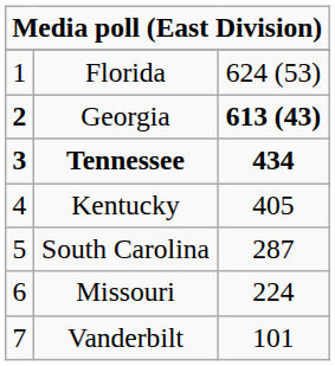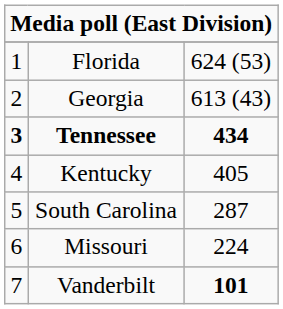 <table class="wikitable" style="display: inline-table;">
 <tr>
 <td align="center" Colspan="3"><strong>Media poll (East Division)</strong></td>
 </tr>
 <tr align="center">
 </tr>
 <tr align="center">
 <td>1</td>
 <td>Florida</td>
 <td>624 (53)</td>
 </tr>
 <tr align="center">
-<td><strong>2</strong></td>
+<td>2</td>
 <td>Georgia</td>
-<td><strong>613 (43)</strong></td>
+<td>613 (43)</td>
 </tr>
 <tr align="center">
 <td><strong>3</strong></td>
 <td><strong>Tennessee</strong></td>
 <td><strong>434</strong></td>
 </tr>
 <tr align="center">
 <td>4</td>
 <td>Kentucky</td>
 <td>405</td>
 </tr>
 <tr align="center">
 <td>5</td>
 <td>South Carolina</td>
 <td>287</td>
 </tr>
 <tr align="center">
 <td>6</td>
 <td>Missouri</td>
 <td>224</td>
 </tr>
 <tr align="center">
 <td>7</td>
 <td>Vanderbilt</td>
-<td>101</td>
+<td><strong>101</strong></td>
 </tr>
 </table>
